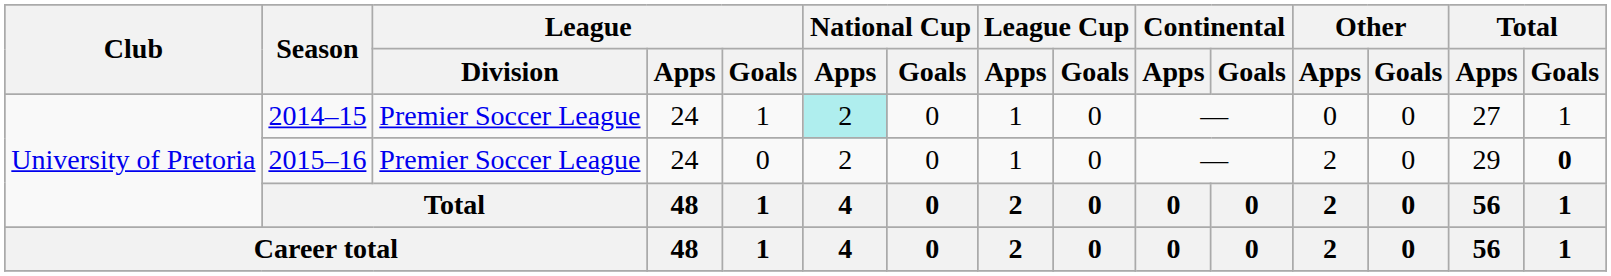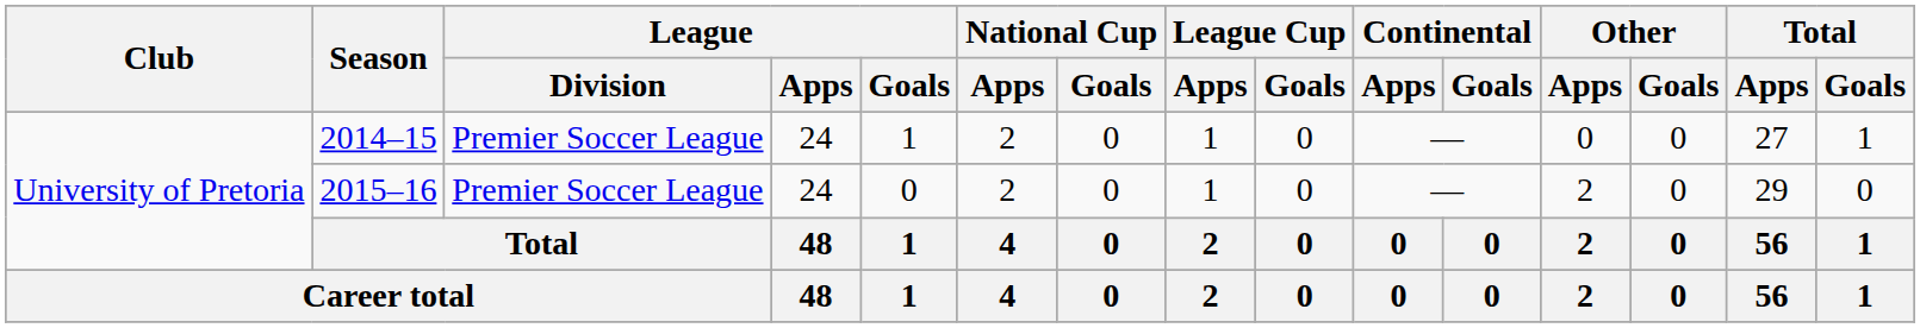 <table class="wikitable" style="text-align:center">
 <tr>
 <th rowspan="2">Club</th>
 <th rowspan="2">Season</th>
 <th colspan="3">League</th>
 <th colspan="2">National Cup</th>
 <th colspan="2">League Cup</th>
 <th colspan="2">Continental</th>
 <th colspan="2">Other</th>
 <th colspan="2">Total</th>
 </tr>
 <tr>
 <th>Division</th>
 <th>Apps</th>
 <th>Goals</th>
 <th>Apps</th>
 <th>Goals</th>
 <th>Apps</th>
 <th>Goals</th>
 <th>Apps</th>
 <th>Goals</th>
 <th>Apps</th>
 <th>Goals</th>
 <th>Apps</th>
 <th>Goals</th>
 </tr>
 <tr>
 <td rowspan="3"><a href='#'>University of Pretoria</a></td>
 <td><a href='#'>2014–15</a></td>
 <td><a href='#'>Premier Soccer League</a></td>
 <td>24</td>
 <td>1</td>
-<td style="background: paleturquoise;">2</td>
+<td>2</td>
 <td>0</td>
 <td>1</td>
 <td>0</td>
 <td colspan="2">—</td>
 <td>0</td>
 <td>0</td>
 <td>27</td>
 <td>1</td>
 </tr>
 <tr>
 <td><a href='#'>2015–16</a></td>
 <td><a href='#'>Premier Soccer League</a></td>
 <td>24</td>
 <td>0</td>
 <td>2</td>
 <td>0</td>
 <td>1</td>
 <td>0</td>
 <td colspan="2">—</td>
 <td>2</td>
 <td>0</td>
 <td>29</td>
-<td><strong>0</strong></td>
+<td>0</td>
 </tr>
 <tr>
 <th colspan="2">Total</th>
 <th>48</th>
 <th>1</th>
 <th>4</th>
 <th>0</th>
 <th>2</th>
 <th>0</th>
 <th>0</th>
 <th>0</th>
 <th>2</th>
 <th>0</th>
 <th>56</th>
 <th>1</th>
 </tr>
 <tr>
 <th colspan="3">Career total</th>
 <th>48</th>
 <th>1</th>
 <th>4</th>
 <th>0</th>
 <th>2</th>
 <th>0</th>
 <th>0</th>
 <th>0</th>
 <th>2</th>
 <th>0</th>
 <th>56</th>
 <th>1</th>
 </tr>
 </table>
